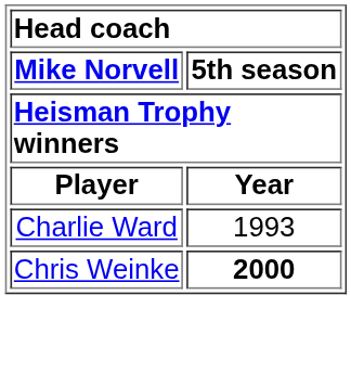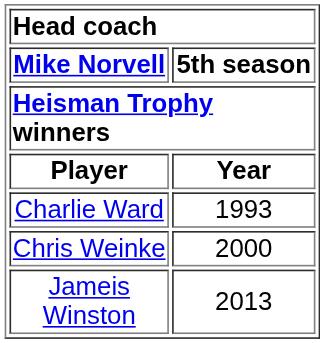 <table style="float: right;" border="1">
 <tr>
 <td colspan="2"><strong>Head coach</strong></td>
 </tr>
 <tr align=center>
 <td><strong><a href='#'>Mike Norvell</a></strong></td>
 <td><strong>5th season</strong></td>
 </tr>
 <tr>
 <td colspan="2"><strong><a href='#'>Heisman Trophy</a> winners</strong></td>
 </tr>
 <tr>
 <th style="width:95px; ">Player</th>
 <th style="width:85px; ">Year</th>
 </tr>
 <tr align=center>
 <td><a href='#'>Charlie Ward</a></td>
 <td>1993</td>
 </tr>
 <tr align=center>
 <td><a href='#'>Chris Weinke</a></td>
-<td><strong>2000</strong></td>
+<td>2000</td>
+</tr>
+<tr align=center>
+<td><a href='#'>Jameis Winston</a></td>
+<td>2013</td>
 </tr>
 </table>
